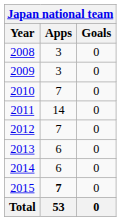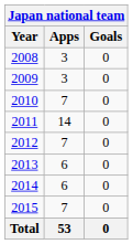 <table class="wikitable" style="text-align:center">
 <tr>
 <th colspan=3><a href='#'>Japan national team</a></th>
 </tr>
 <tr>
 <th>Year</th>
 <th>Apps</th>
 <th>Goals</th>
 </tr>
 <tr>
 <td><a href='#'>2008</a></td>
 <td>3</td>
 <td>0</td>
 </tr>
 <tr>
 <td><a href='#'>2009</a></td>
 <td>3</td>
 <td>0</td>
 </tr>
 <tr>
 <td><a href='#'>2010</a></td>
 <td>7</td>
 <td>0</td>
 </tr>
 <tr>
 <td><a href='#'>2011</a></td>
 <td>14</td>
 <td>0</td>
 </tr>
 <tr>
 <td><a href='#'>2012</a></td>
 <td>7</td>
 <td>0</td>
 </tr>
 <tr>
 <td><a href='#'>2013</a></td>
 <td>6</td>
 <td>0</td>
 </tr>
 <tr>
 <td><a href='#'>2014</a></td>
 <td>6</td>
 <td>0</td>
 </tr>
 <tr>
 <td><a href='#'>2015</a></td>
-<td><strong>7</strong></td>
+<td>7</td>
 <td>0</td>
 </tr>
 <tr>
 <th>Total</th>
 <th>53</th>
 <th>0</th>
 </tr>
 </table>
